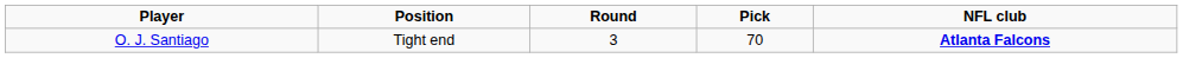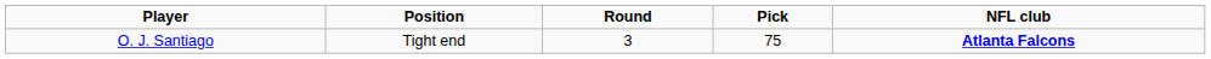 <table class="wikitable" width="80%">
 <tr align="center">
 <td><strong>Player</strong></td>
 <td><strong>Position</strong></td>
 <td><strong>Round</strong></td>
 <td><strong>Pick</strong></td>
 <td><strong>NFL club</strong></td>
 </tr>
 <tr align="center" bgcolor="">
 <td><a href='#'>O. J. Santiago</a></td>
 <td>Tight end</td>
 <td>3</td>
-<td>70</td>
+<td>75</td>
 <td><strong><a href='#'>Atlanta Falcons</a></strong></td>
 </tr>
 </table>
